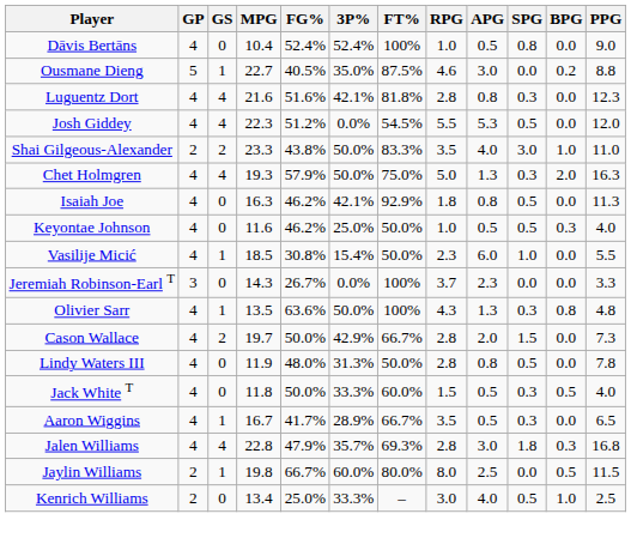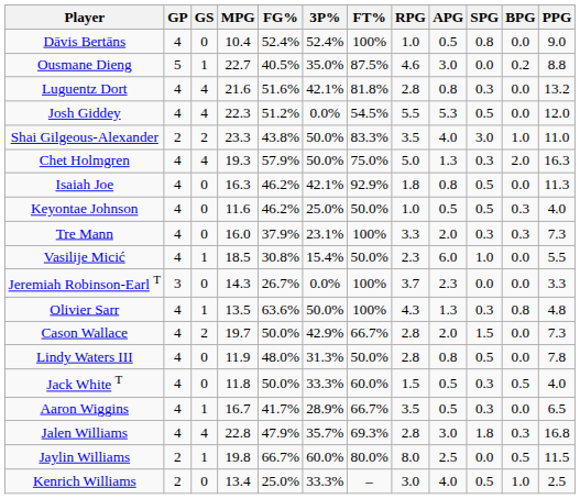 <table class="wikitable sortable" style="font-size: 90%; text-align:center;">
 <tr>
 <th>Player</th>
 <th>GP</th>
 <th>GS</th>
 <th>MPG</th>
 <th>FG%</th>
 <th>3P%</th>
 <th>FT%</th>
 <th>RPG</th>
 <th>APG</th>
 <th>SPG</th>
 <th>BPG</th>
 <th>PPG</th>
 </tr>
 <tr>
 <td><a href='#'>Dāvis Bertāns</a></td>
 <td>4</td>
 <td>0</td>
 <td>10.4</td>
 <td>52.4%</td>
 <td>52.4%</td>
 <td>100%</td>
 <td>1.0</td>
 <td>0.5</td>
 <td>0.8</td>
 <td>0.0</td>
 <td>9.0</td>
 </tr>
 <tr>
 <td><a href='#'>Ousmane Dieng</a></td>
 <td>5</td>
 <td>1</td>
 <td>22.7</td>
 <td>40.5%</td>
 <td>35.0%</td>
 <td>87.5%</td>
 <td>4.6</td>
 <td>3.0</td>
 <td>0.0</td>
 <td>0.2</td>
 <td>8.8</td>
 </tr>
 <tr>
 <td><a href='#'>Luguentz Dort</a></td>
 <td>4</td>
 <td>4</td>
 <td>21.6</td>
 <td>51.6%</td>
 <td>42.1%</td>
 <td>81.8%</td>
 <td>2.8</td>
 <td>0.8</td>
 <td>0.3</td>
 <td>0.0</td>
-<td>12.3</td>
+<td>13.2</td>
 </tr>
 <tr>
 <td><a href='#'>Josh Giddey</a></td>
 <td>4</td>
 <td>4</td>
 <td>22.3</td>
 <td>51.2%</td>
 <td>0.0%</td>
 <td>54.5%</td>
 <td>5.5</td>
 <td>5.3</td>
 <td>0.5</td>
 <td>0.0</td>
 <td>12.0</td>
 </tr>
 <tr>
 <td><a href='#'>Shai Gilgeous-Alexander</a></td>
 <td>2</td>
 <td>2</td>
 <td>23.3</td>
 <td>43.8%</td>
 <td>50.0%</td>
 <td>83.3%</td>
 <td>3.5</td>
 <td>4.0</td>
 <td>3.0</td>
 <td>1.0</td>
 <td>11.0</td>
 </tr>
 <tr>
 <td><a href='#'>Chet Holmgren</a></td>
 <td>4</td>
 <td>4</td>
 <td>19.3</td>
 <td>57.9%</td>
 <td>50.0%</td>
 <td>75.0%</td>
 <td>5.0</td>
 <td>1.3</td>
 <td>0.3</td>
 <td>2.0</td>
 <td>16.3</td>
 </tr>
 <tr>
 <td><a href='#'>Isaiah Joe</a></td>
 <td>4</td>
 <td>0</td>
 <td>16.3</td>
 <td>46.2%</td>
 <td>42.1%</td>
 <td>92.9%</td>
 <td>1.8</td>
 <td>0.8</td>
 <td>0.5</td>
 <td>0.0</td>
 <td>11.3</td>
 </tr>
 <tr>
 <td><a href='#'>Keyontae Johnson</a></td>
 <td>4</td>
 <td>0</td>
 <td>11.6</td>
 <td>46.2%</td>
 <td>25.0%</td>
 <td>50.0%</td>
 <td>1.0</td>
 <td>0.5</td>
 <td>0.5</td>
 <td>0.3</td>
 <td>4.0</td>
+</tr>
+<tr>
+<td><a href='#'>Tre Mann</a></td>
+<td>4</td>
+<td>0</td>
+<td>16.0</td>
+<td>37.9%</td>
+<td>23.1%</td>
+<td>100%</td>
+<td>3.3</td>
+<td>2.0</td>
+<td>0.3</td>
+<td>0.3</td>
+<td>7.3</td>
 </tr>
 <tr>
 <td><a href='#'>Vasilije Micić</a></td>
 <td>4</td>
 <td>1</td>
 <td>18.5</td>
 <td>30.8%</td>
 <td>15.4%</td>
 <td>50.0%</td>
 <td>2.3</td>
 <td>6.0</td>
 <td>1.0</td>
 <td>0.0</td>
 <td>5.5</td>
 </tr>
 <tr>
 <td><a href='#'>Jeremiah Robinson-Earl</a> <sup>T</sup></td>
 <td>3</td>
 <td>0</td>
 <td>14.3</td>
 <td>26.7%</td>
 <td>0.0%</td>
 <td>100%</td>
 <td>3.7</td>
 <td>2.3</td>
 <td>0.0</td>
 <td>0.0</td>
 <td>3.3</td>
 </tr>
 <tr>
 <td><a href='#'>Olivier Sarr</a></td>
 <td>4</td>
 <td>1</td>
 <td>13.5</td>
 <td>63.6%</td>
 <td>50.0%</td>
 <td>100%</td>
 <td>4.3</td>
 <td>1.3</td>
 <td>0.3</td>
 <td>0.8</td>
 <td>4.8</td>
 </tr>
 <tr>
 <td><a href='#'>Cason Wallace</a></td>
 <td>4</td>
 <td>2</td>
 <td>19.7</td>
 <td>50.0%</td>
 <td>42.9%</td>
 <td>66.7%</td>
 <td>2.8</td>
 <td>2.0</td>
 <td>1.5</td>
 <td>0.0</td>
 <td>7.3</td>
 </tr>
 <tr>
 <td><a href='#'>Lindy Waters III</a></td>
 <td>4</td>
 <td>0</td>
 <td>11.9</td>
 <td>48.0%</td>
 <td>31.3%</td>
 <td>50.0%</td>
 <td>2.8</td>
 <td>0.8</td>
 <td>0.5</td>
 <td>0.0</td>
 <td>7.8</td>
 </tr>
 <tr>
 <td><a href='#'>Jack White</a> <sup>T</sup></td>
 <td>4</td>
 <td>0</td>
 <td>11.8</td>
 <td>50.0%</td>
 <td>33.3%</td>
 <td>60.0%</td>
 <td>1.5</td>
 <td>0.5</td>
 <td>0.3</td>
 <td>0.5</td>
 <td>4.0</td>
 </tr>
 <tr>
 <td><a href='#'>Aaron Wiggins</a></td>
 <td>4</td>
 <td>1</td>
 <td>16.7</td>
 <td>41.7%</td>
 <td>28.9%</td>
 <td>66.7%</td>
 <td>3.5</td>
 <td>0.5</td>
 <td>0.3</td>
 <td>0.0</td>
 <td>6.5</td>
 </tr>
 <tr>
 <td><a href='#'>Jalen Williams</a></td>
 <td>4</td>
 <td>4</td>
 <td>22.8</td>
 <td>47.9%</td>
 <td>35.7%</td>
 <td>69.3%</td>
 <td>2.8</td>
 <td>3.0</td>
 <td>1.8</td>
 <td>0.3</td>
 <td>16.8</td>
 </tr>
 <tr>
 <td><a href='#'>Jaylin Williams</a></td>
 <td>2</td>
 <td>1</td>
 <td>19.8</td>
 <td>66.7%</td>
 <td>60.0%</td>
 <td>80.0%</td>
 <td>8.0</td>
 <td>2.5</td>
 <td>0.0</td>
 <td>0.5</td>
 <td>11.5</td>
 </tr>
 <tr>
 <td><a href='#'>Kenrich Williams</a></td>
 <td>2</td>
 <td>0</td>
 <td>13.4</td>
 <td>25.0%</td>
 <td>33.3%</td>
 <td>–</td>
 <td>3.0</td>
 <td>4.0</td>
 <td>0.5</td>
 <td>1.0</td>
 <td>2.5</td>
 </tr>
 </table>
